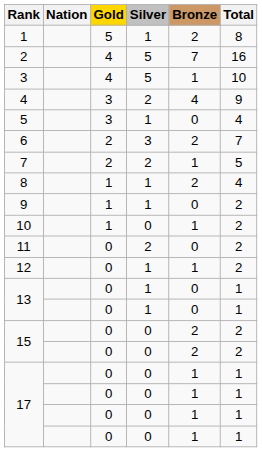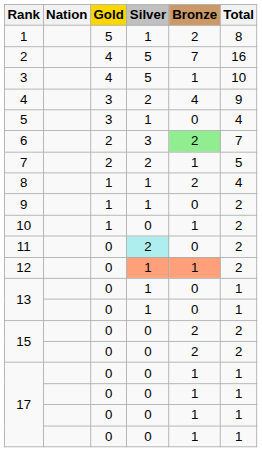 <table class="wikitable sortable" style="text-align:center">
 <tr>
 <th>Rank</th>
 <th>Nation</th>
 <th style="background-color:gold">Gold</th>
 <th style="background-color:silver">Silver</th>
 <th style="background-color:#cc9966">Bronze</th>
 <th>Total</th>
 </tr>
 <tr>
 <td>1</td>
 <td align=left></td>
 <td>5</td>
 <td>1</td>
 <td>2</td>
 <td>8</td>
 </tr>
 <tr>
 <td>2</td>
 <td align=left></td>
 <td>4</td>
 <td>5</td>
 <td>7</td>
 <td>16</td>
 </tr>
 <tr>
 <td>3</td>
 <td align=left></td>
 <td>4</td>
 <td>5</td>
 <td>1</td>
 <td>10</td>
 </tr>
 <tr>
 <td>4</td>
 <td align=left></td>
 <td>3</td>
 <td>2</td>
 <td>4</td>
 <td>9</td>
 </tr>
 <tr>
 <td>5</td>
 <td align=left></td>
 <td>3</td>
 <td>1</td>
 <td>0</td>
 <td>4</td>
 </tr>
 <tr>
 <td>6</td>
 <td align=left></td>
 <td>2</td>
 <td>3</td>
-<td>2</td>
+<td style="background: lightgreen;">2</td>
 <td>7</td>
 </tr>
 <tr>
 <td>7</td>
 <td align=left></td>
 <td>2</td>
 <td>2</td>
 <td>1</td>
 <td>5</td>
 </tr>
 <tr>
 <td>8</td>
 <td align=left></td>
 <td>1</td>
 <td>1</td>
 <td>2</td>
 <td>4</td>
 </tr>
 <tr>
 <td>9</td>
 <td align=left></td>
 <td>1</td>
 <td>1</td>
 <td>0</td>
 <td>2</td>
 </tr>
 <tr>
 <td>10</td>
 <td align=left></td>
 <td>1</td>
 <td>0</td>
 <td>1</td>
 <td>2</td>
 </tr>
 <tr>
 <td>11</td>
 <td align=left></td>
 <td>0</td>
-<td>2</td>
+<td style="background: paleturquoise;">2</td>
 <td>0</td>
 <td>2</td>
 </tr>
 <tr>
 <td>12</td>
 <td align=left></td>
 <td>0</td>
-<td>1</td>
-<td>1</td>
+<td style="background: lightsalmon;">1</td>
+<td style="background: lightsalmon;">1</td>
 <td>2</td>
 </tr>
 <tr>
 <td rowspan=2>13</td>
 <td align=left></td>
 <td>0</td>
 <td>1</td>
 <td>0</td>
 <td>1</td>
 </tr>
 <tr>
 <td align=left></td>
 <td>0</td>
 <td>1</td>
 <td>0</td>
 <td>1</td>
 </tr>
 <tr>
 <td rowspan=2>15</td>
 <td align=left></td>
 <td>0</td>
 <td>0</td>
 <td>2</td>
 <td>2</td>
 </tr>
 <tr>
 <td align=left></td>
 <td>0</td>
 <td>0</td>
 <td>2</td>
 <td>2</td>
 </tr>
 <tr>
 <td rowspan=4>17</td>
 <td align=left></td>
 <td>0</td>
 <td>0</td>
 <td>1</td>
 <td>1</td>
 </tr>
 <tr>
 <td align=left></td>
 <td>0</td>
 <td>0</td>
 <td>1</td>
 <td>1</td>
 </tr>
 <tr>
 <td align=left></td>
 <td>0</td>
 <td>0</td>
 <td>1</td>
 <td>1</td>
 </tr>
 <tr>
 <td align=left></td>
 <td>0</td>
 <td>0</td>
 <td>1</td>
 <td>1</td>
 </tr>
 </table>
